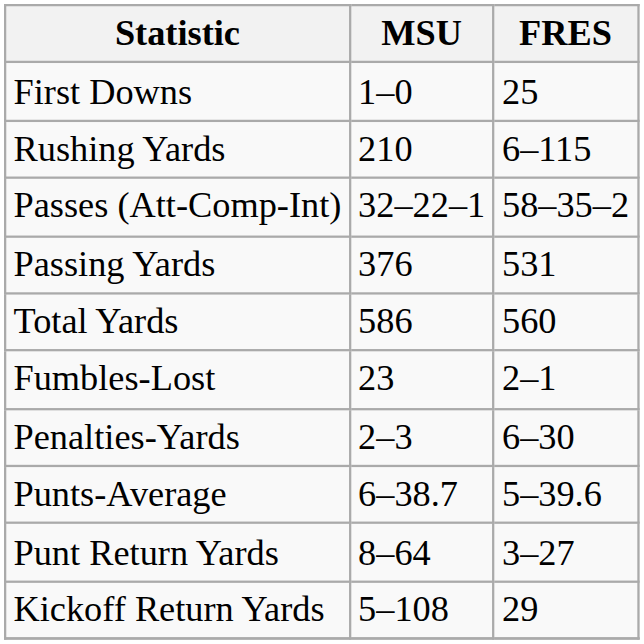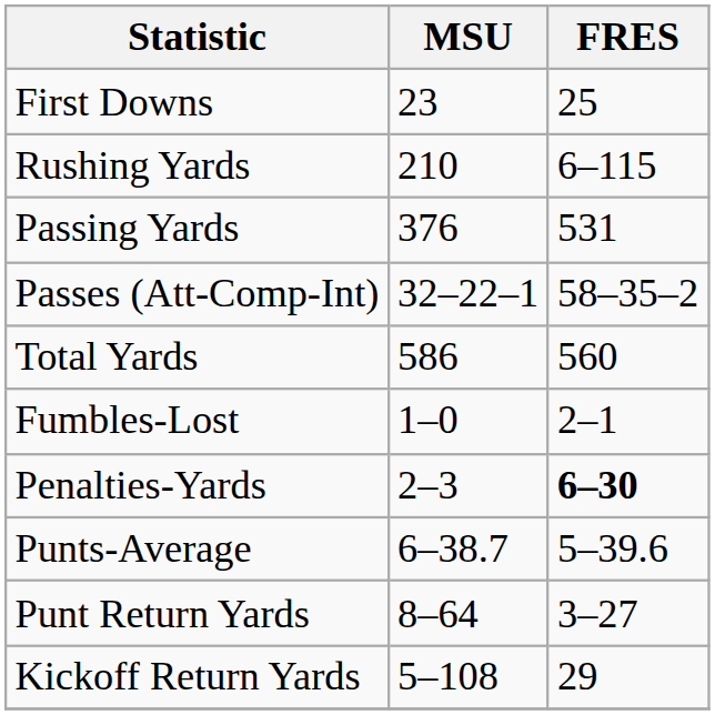 <table class="wikitable">
 <tr>
 <th>Statistic</th>
 <th><strong>MSU</strong></th>
 <th><strong>FRES</strong></th>
 </tr>
 <tr>
 <td>First Downs</td>
-<td>1–0</td>
+<td>23</td>
 <td>25</td>
 </tr>
 <tr>
 <td>Rushing Yards</td>
 <td>210</td>
 <td>6–115</td>
 </tr>
 <tr>
+<td>Passing Yards</td>
+<td>376</td>
+<td>531</td>
+</tr>
+<tr>
 <td>Passes (Att-Comp-Int)</td>
 <td>32–22–1</td>
 <td>58–35–2</td>
-</tr>
-<tr>
-<td>Passing Yards</td>
-<td>376</td>
-<td>531</td>
 </tr>
 <tr>
 <td>Total Yards</td>
 <td>586</td>
 <td>560</td>
 </tr>
 <tr>
 <td>Fumbles-Lost</td>
-<td>23</td>
+<td>1–0</td>
 <td>2–1</td>
 </tr>
 <tr>
 <td>Penalties-Yards</td>
 <td>2–3</td>
-<td>6–30</td>
+<td><strong>6–30</strong></td>
 </tr>
 <tr>
 <td>Punts-Average</td>
 <td>6–38.7</td>
 <td>5–39.6</td>
 </tr>
 <tr>
 <td>Punt Return Yards</td>
 <td>8–64</td>
 <td>3–27</td>
 </tr>
 <tr>
 <td>Kickoff Return Yards</td>
 <td>5–108</td>
 <td>29</td>
 </tr>
 <tr>
 </tr>
 </table>
